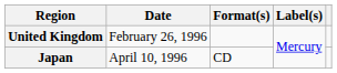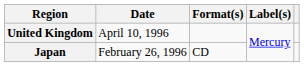 <table class="wikitable plainrowheaders">
 <tr>
 <th scope="col">Region</th>
 <th scope="col">Date</th>
 <th scope="col">Format(s)</th>
 <th scope="col">Label(s)</th>
 <th scope="col"></th>
 </tr>
 <tr>
 <th scope="row">United Kingdom</th>
-<td>February 26, 1996</td>
+<td>April 10, 1996</td>
 <td></td>
 <td rowspan="2"><a href='#'>Mercury</a></td>
 <td align="center"></td>
 </tr>
 <tr>
 <th scope="row">Japan</th>
-<td>April 10, 1996</td>
+<td>February 26, 1996</td>
 <td>CD</td>
 <td align="center"></td>
 </tr>
 </table>
